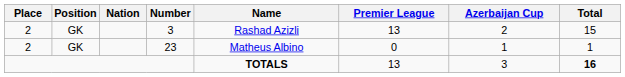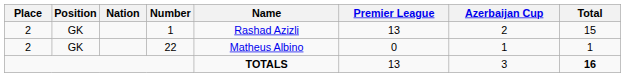 <table class="wikitable" style="font-size: 95%; text-align: center;">
 <tr>
 <th width=60>Place</th>
 <th width=60>Position</th>
 <th width=60>Nation</th>
 <th width=60>Number</th>
 <th width=200>Name</th>
 <th width=150><a href='#'>Premier League</a></th>
 <th width=150><a href='#'>Azerbaijan Cup</a></th>
 <th width=80>Total</th>
 </tr>
 <tr>
 <td>2</td>
 <td>GK</td>
 <td></td>
-<td>3</td>
+<td>1</td>
 <td><a href='#'>Rashad Azizli</a></td>
 <td>13</td>
 <td>2</td>
 <td>15</td>
 </tr>
 <tr>
 <td>2</td>
 <td>GK</td>
 <td></td>
-<td>23</td>
+<td>22</td>
 <td><a href='#'>Matheus Albino</a></td>
 <td>0</td>
 <td>1</td>
 <td>1</td>
 </tr>
 <tr>
 <td colspan="4"></td>
 <td><strong>TOTALS</strong></td>
 <td>13</td>
 <td>3</td>
 <td><strong>16</strong></td>
 </tr>
 </table>
